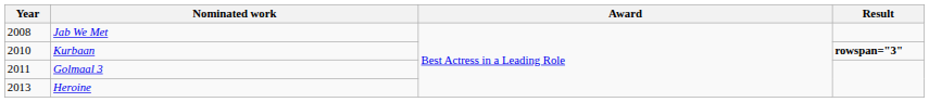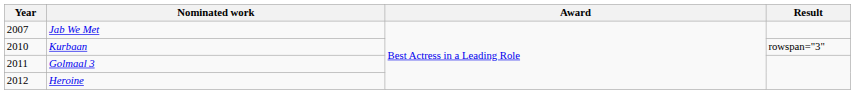 <table class="wikitable sortable" width=100%>
 <tr>
 <th width=5%>Year</th>
 <th width=40%>Nominated work</th>
 <th width=45%>Award</th>
 <th width=10%>Result</th>
 </tr>
 <tr>
-<td>2008</td>
+<td>2007</td>
 <td><em><a href='#'>Jab We Met</a></em></td>
 <td rowspan="4"><a href='#'>Best Actress in a Leading Role</a></td>
 <td></td>
 </tr>
 <tr>
 <td>2010</td>
 <td><em><a href='#'>Kurbaan</a></em></td>
-<td><strong>rowspan="3"</strong></td>
+<td>rowspan="3"</td>
 </tr>
 <tr>
 <td>2011</td>
 <td><em><a href='#'>Golmaal 3</a></em></td>
 </tr>
 <tr>
-<td>2013</td>
+<td>2012</td>
 <td><em><a href='#'>Heroine</a></em></td>
 </tr>
 </table>
